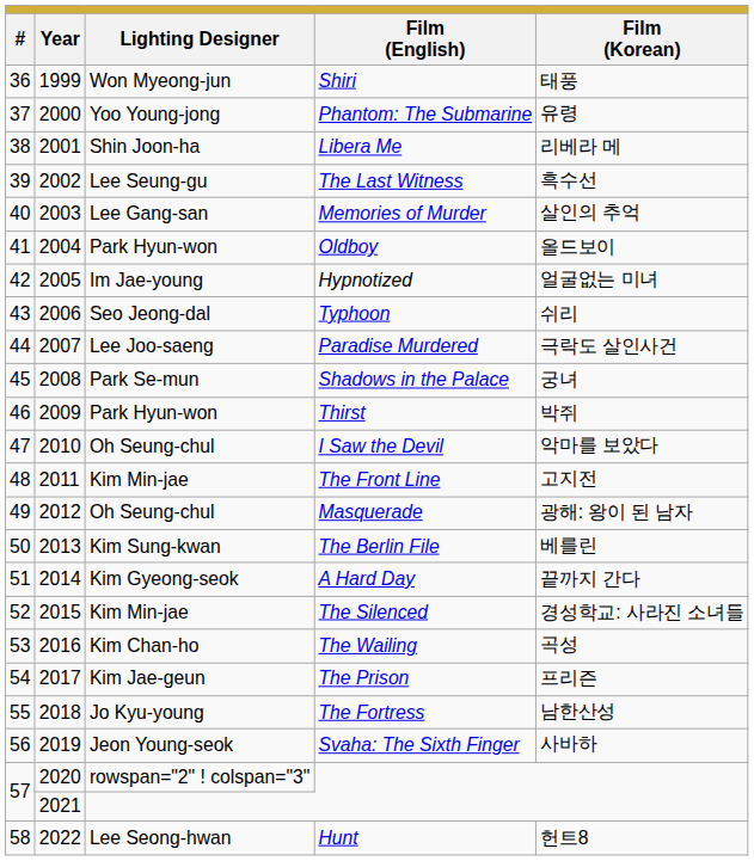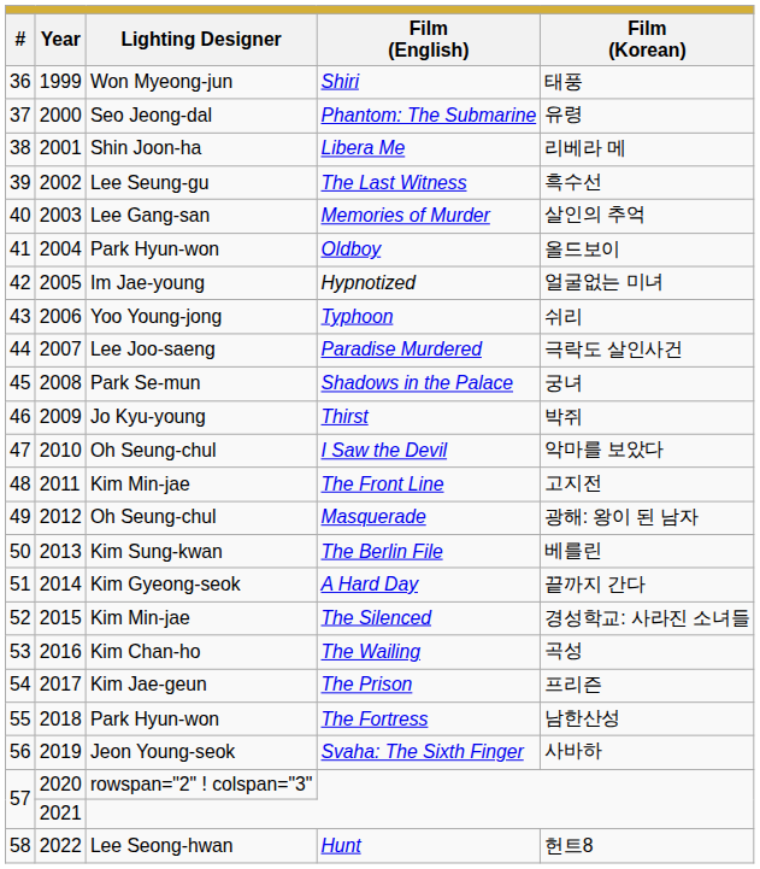 <table class="wikitable collapsible collapsed">
 <tr>
 <th colspan="5" style="background: #D4AF37;"></th>
 </tr>
 <tr>
 <th>#</th>
 <th>Year</th>
 <th>Lighting Designer</th>
 <th>Film<br>(English)</th>
 <th>Film<br>(Korean)</th>
 </tr>
 <tr>
 <td>36</td>
 <td>1999</td>
 <td>Won Myeong-jun</td>
 <td><em><a href='#'>Shiri</a></em></td>
 <td>태풍</td>
 </tr>
 <tr>
 <td>37</td>
 <td>2000</td>
-<td>Yoo Young-jong</td>
+<td>Seo Jeong-dal</td>
 <td><em><a href='#'>Phantom: The Submarine</a></em></td>
 <td>유령</td>
 </tr>
 <tr>
 <td>38</td>
 <td>2001</td>
 <td>Shin Joon-ha</td>
 <td><em><a href='#'>Libera Me</a></em></td>
 <td>리베라 메</td>
 </tr>
 <tr>
 <td>39</td>
 <td>2002</td>
 <td>Lee Seung-gu</td>
 <td><em><a href='#'>The Last Witness</a></em></td>
 <td>흑수선</td>
 </tr>
 <tr>
 <td>40</td>
 <td>2003</td>
 <td>Lee Gang-san</td>
 <td><em><a href='#'>Memories of Murder</a></em></td>
 <td>살인의 추억</td>
 </tr>
 <tr>
 <td>41</td>
 <td>2004</td>
 <td>Park Hyun-won</td>
 <td><em><a href='#'>Oldboy</a></em></td>
 <td>올드보이</td>
 </tr>
 <tr>
 <td>42</td>
 <td>2005</td>
 <td>Im Jae-young</td>
 <td><em>Hypnotized</em></td>
 <td>얼굴없는 미녀</td>
 </tr>
 <tr>
 <td>43</td>
 <td>2006</td>
-<td>Seo Jeong-dal</td>
+<td>Yoo Young-jong</td>
 <td><em><a href='#'>Typhoon</a></em></td>
 <td>쉬리</td>
 </tr>
 <tr>
 <td>44</td>
 <td>2007</td>
 <td>Lee Joo-saeng</td>
 <td><em><a href='#'>Paradise Murdered</a></em></td>
 <td>극락도 살인사건</td>
 </tr>
 <tr>
 <td>45</td>
 <td>2008</td>
 <td>Park Se-mun</td>
 <td><em><a href='#'>Shadows in the Palace</a></em></td>
 <td>궁녀</td>
 </tr>
 <tr>
 <td>46</td>
 <td>2009</td>
-<td>Park Hyun-won</td>
+<td>Jo Kyu-young</td>
 <td><em><a href='#'>Thirst</a></em></td>
 <td>박쥐</td>
 </tr>
 <tr>
 <td>47</td>
 <td>2010</td>
 <td>Oh Seung-chul</td>
 <td><em><a href='#'>I Saw the Devil</a></em></td>
 <td>악마를 보았다</td>
 </tr>
 <tr>
 <td>48</td>
 <td>2011</td>
 <td>Kim Min-jae</td>
 <td><em><a href='#'>The Front Line</a></em></td>
 <td>고지전</td>
 </tr>
 <tr>
 <td>49</td>
 <td>2012</td>
 <td>Oh Seung-chul</td>
 <td><em><a href='#'>Masquerade</a></em></td>
 <td>광해: 왕이 된 남자</td>
 </tr>
 <tr>
 <td>50</td>
 <td>2013</td>
 <td>Kim Sung-kwan</td>
 <td><em><a href='#'>The Berlin File</a></em></td>
 <td>베를린</td>
 </tr>
 <tr>
 <td>51</td>
 <td>2014</td>
 <td>Kim Gyeong-seok</td>
 <td><em><a href='#'>A Hard Day</a></em></td>
 <td>끝까지 간다</td>
 </tr>
 <tr>
 <td>52</td>
 <td>2015</td>
 <td>Kim Min-jae</td>
 <td><em><a href='#'>The Silenced</a></em></td>
 <td>경성학교: 사라진 소녀들</td>
 </tr>
 <tr>
 <td>53</td>
 <td>2016</td>
 <td>Kim Chan-ho</td>
 <td><em><a href='#'>The Wailing</a></em></td>
 <td>곡성</td>
 </tr>
 <tr>
 <td>54</td>
 <td>2017</td>
 <td>Kim Jae-geun</td>
 <td><em><a href='#'>The Prison</a></em></td>
 <td>프리즌</td>
 </tr>
 <tr>
 <td>55</td>
 <td>2018</td>
-<td>Jo Kyu-young</td>
+<td>Park Hyun-won</td>
 <td><em><a href='#'>The Fortress</a></em></td>
 <td>남한산성</td>
 </tr>
 <tr>
 <td>56</td>
 <td>2019</td>
 <td>Jeon Young-seok</td>
 <td><em><a href='#'>Svaha: The Sixth Finger</a></em></td>
 <td>사바하</td>
 </tr>
 <tr>
 <td rowspan="2">57</td>
 <td>2020</td>
 <td>rowspan="2" ! colspan="3" </td>
 </tr>
 <tr>
 <td>2021</td>
 </tr>
 <tr>
 <td>58</td>
 <td>2022</td>
 <td>Lee Seong-hwan</td>
 <td><em><a href='#'>Hunt</a></em></td>
 <td>헌트8</td>
 </tr>
 </table>
